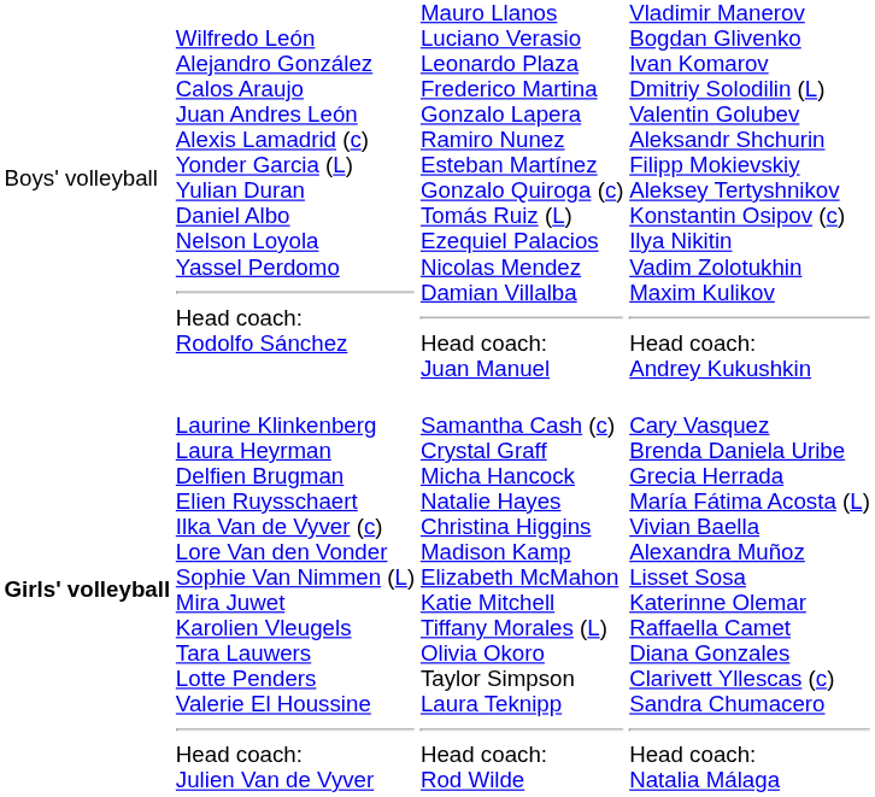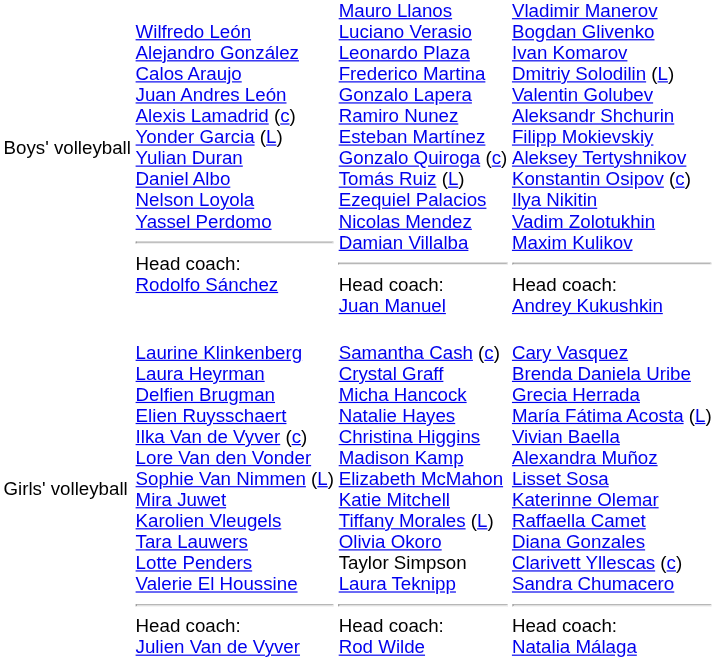 <table>
 <tr>
 <td>Boys' volleyball<br></td>
 <td><br><a href='#'>Wilfredo León</a><br><a href='#'>Alejandro González</a><br><a href='#'>Calos Araujo</a><br><a href='#'>Juan Andres León</a><br><a href='#'>Alexis Lamadrid</a> (<a href='#'>c</a>)<br><a href='#'>Yonder Garcia</a> (<a href='#'>L</a>)<br><a href='#'>Yulian Duran</a><br><a href='#'>Daniel Albo</a><br><a href='#'>Nelson Loyola</a><br><a href='#'>Yassel Perdomo</a><br><hr>Head coach:<br><a href='#'>Rodolfo Sánchez</a></td>
 <td><br><a href='#'>Mauro Llanos</a><br><a href='#'>Luciano Verasio</a><br><a href='#'>Leonardo Plaza</a><br><a href='#'>Frederico Martina</a><br><a href='#'>Gonzalo Lapera</a><br><a href='#'>Ramiro Nunez</a><br><a href='#'>Esteban Martínez</a><br><a href='#'>Gonzalo Quiroga</a> (<a href='#'>c</a>)<br><a href='#'>Tomás Ruiz</a> (<a href='#'>L</a>)<br><a href='#'>Ezequiel Palacios</a><br><a href='#'>Nicolas Mendez</a><br><a href='#'>Damian Villalba</a><br><hr>Head coach:<br><a href='#'>Juan Manuel</a></td>
 <td><br><a href='#'>Vladimir Manerov</a><br><a href='#'>Bogdan Glivenko</a><br><a href='#'>Ivan Komarov</a><br><a href='#'>Dmitriy Solodilin</a> (<a href='#'>L</a>)<br><a href='#'>Valentin Golubev</a><br><a href='#'>Aleksandr Shchurin</a><br><a href='#'>Filipp Mokievskiy</a><br><a href='#'>Aleksey Tertyshnikov</a><br><a href='#'>Konstantin Osipov</a> (<a href='#'>c</a>)<br><a href='#'>Ilya Nikitin</a><br><a href='#'>Vadim Zolotukhin</a><br><a href='#'>Maxim Kulikov</a><br><hr>Head coach:<br><a href='#'>Andrey Kukushkin</a></td>
 </tr>
 <tr>
-<td><strong>Girls' volleyball<br></strong></td>
+<td>Girls' volleyball<br></td>
 <td><br><a href='#'>Laurine Klinkenberg</a><br><a href='#'>Laura Heyrman</a><br><a href='#'>Delfien Brugman</a><br><a href='#'>Elien Ruysschaert</a><br><a href='#'>Ilka Van de Vyver</a> (<a href='#'>c</a>)<br><a href='#'>Lore Van den Vonder</a><br><a href='#'>Sophie Van Nimmen</a> (<a href='#'>L</a>)<br><a href='#'>Mira Juwet</a><br><a href='#'>Karolien Vleugels</a><br><a href='#'>Tara Lauwers</a><br><a href='#'>Lotte Penders</a><br><a href='#'>Valerie El Houssine</a><br><hr>Head coach:<br><a href='#'>Julien Van de Vyver</a></td>
 <td><br><a href='#'>Samantha Cash</a> (<a href='#'>c</a>)<br><a href='#'>Crystal Graff</a><br><a href='#'>Micha Hancock</a><br><a href='#'>Natalie Hayes</a><br><a href='#'>Christina Higgins</a><br><a href='#'>Madison Kamp</a><br><a href='#'>Elizabeth McMahon</a><br><a href='#'>Katie Mitchell</a><br><a href='#'>Tiffany Morales</a> (<a href='#'>L</a>)<br><a href='#'>Olivia Okoro</a><br>Taylor Simpson<br><a href='#'>Laura Teknipp</a><br><hr>Head coach:<br><a href='#'>Rod Wilde</a></td>
 <td><br><a href='#'>Cary Vasquez</a><br><a href='#'>Brenda Daniela Uribe</a><br><a href='#'>Grecia Herrada</a><br><a href='#'>María Fátima Acosta</a> (<a href='#'>L</a>)<br><a href='#'>Vivian Baella</a><br><a href='#'>Alexandra Muñoz</a><br><a href='#'>Lisset Sosa</a><br><a href='#'>Katerinne Olemar</a><br><a href='#'>Raffaella Camet</a><br><a href='#'>Diana Gonzales</a><br><a href='#'>Clarivett Yllescas</a> (<a href='#'>c</a>)<br><a href='#'>Sandra Chumacero</a><br><hr>Head coach:<br><a href='#'>Natalia Málaga</a></td>
 </tr>
 </table>
